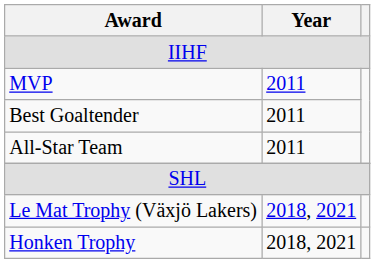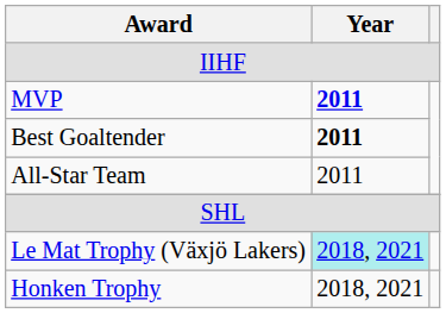 <table class="wikitable">
 <tr>
 <th>Award</th>
 <th>Year</th>
 <th></th>
 </tr>
 <tr ALIGN="center" bgcolor="#e0e0e0">
 <td colspan="3"><a href='#'>IIHF</a></td>
 </tr>
 <tr>
 <td><a href='#'>MVP</a></td>
-<td><a href='#'>2011</a></td>
+<td><strong><a href='#'>2011</a></strong></td>
 <td rowspan="3"></td>
 </tr>
 <tr>
 <td>Best Goaltender</td>
-<td>2011</td>
+<td><strong>2011</strong></td>
 </tr>
 <tr>
 <td>All-Star Team</td>
 <td>2011</td>
 </tr>
 <tr>
 </tr>
 <tr ALIGN="center" bgcolor="#e0e0e0">
 <td colspan="3"><a href='#'>SHL</a></td>
 </tr>
 <tr>
 <td><a href='#'>Le Mat Trophy</a> (Växjö Lakers)</td>
-<td><a href='#'>2018</a>, <a href='#'>2021</a></td>
+<td style="background: paleturquoise;"><a href='#'>2018</a>, <a href='#'>2021</a></td>
 <td></td>
 </tr>
 <tr>
 <td><a href='#'>Honken Trophy</a></td>
 <td>2018, 2021</td>
 <td></td>
 </tr>
 </table>
